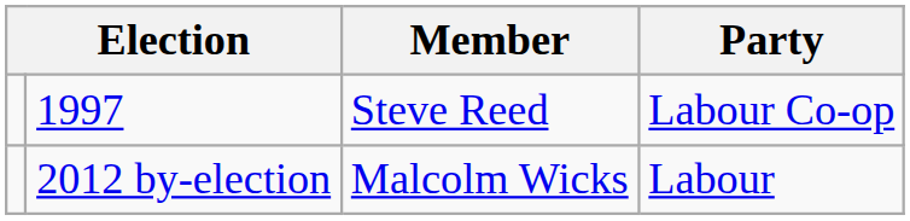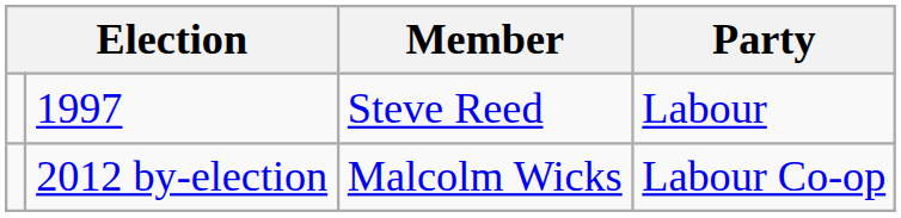 <table class="wikitable">
 <tr>
 <th colspan="2">Election</th>
 <th>Member</th>
 <th>Party</th>
 </tr>
 <tr>
 <td style="color:inherit;background-color: "></td>
 <td><a href='#'>1997</a></td>
 <td><a href='#'>Steve Reed</a></td>
-<td><a href='#'>Labour Co-op</a></td>
+<td><a href='#'>Labour</a></td>
 </tr>
 <tr>
 <td style="color:inherit;background-color: "></td>
 <td><a href='#'>2012 by-election</a></td>
 <td><a href='#'>Malcolm Wicks</a></td>
-<td><a href='#'>Labour</a></td>
+<td><a href='#'>Labour Co-op</a></td>
 </tr>
 </table>
